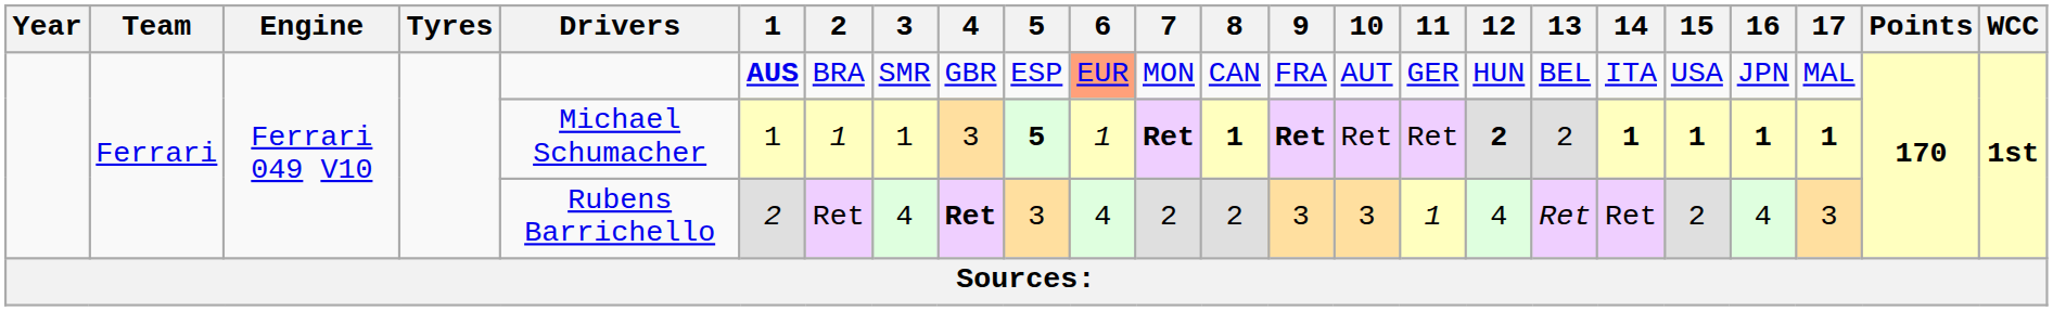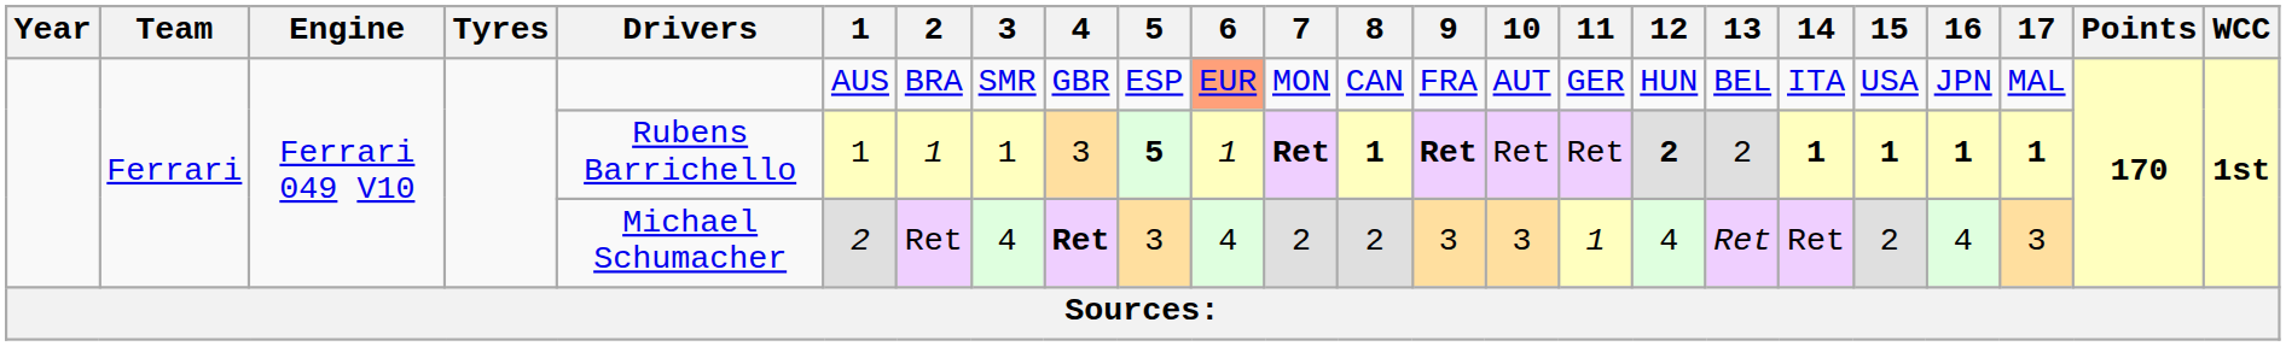 <table class="wikitable" style="text-align:center; font-size:95%">
 <tr>
 <th>Year</th>
 <th>Team</th>
 <th>Engine</th>
 <th>Tyres</th>
 <th>Drivers</th>
 <th>1</th>
 <th>2</th>
 <th>3</th>
 <th>4</th>
 <th>5</th>
 <th>6</th>
 <th>7</th>
 <th>8</th>
 <th>9</th>
 <th>10</th>
 <th>11</th>
 <th>12</th>
 <th>13</th>
 <th>14</th>
 <th>15</th>
 <th>16</th>
 <th>17</th>
 <th>Points</th>
 <th>WCC</th>
 </tr>
 <tr>
 <td rowspan="3"></td>
 <td rowspan="3"><a href='#'>Ferrari</a></td>
 <td rowspan="3"><a href='#'>Ferrari 049</a> <a href='#'>V10</a></td>
 <td rowspan="3"></td>
 <td></td>
-<td><strong><a href='#'>AUS</a></strong></td>
+<td><a href='#'>AUS</a></td>
 <td><a href='#'>BRA</a></td>
 <td><a href='#'>SMR</a></td>
 <td><a href='#'>GBR</a></td>
 <td><a href='#'>ESP</a></td>
 <td style="background: lightsalmon;"><a href='#'>EUR</a></td>
 <td><a href='#'>MON</a></td>
 <td><a href='#'>CAN</a></td>
 <td><a href='#'>FRA</a></td>
 <td><a href='#'>AUT</a></td>
 <td><a href='#'>GER</a></td>
 <td><a href='#'>HUN</a></td>
 <td><a href='#'>BEL</a></td>
 <td><a href='#'>ITA</a></td>
 <td><a href='#'>USA</a></td>
 <td><a href='#'>JPN</a></td>
 <td><a href='#'>MAL</a></td>
 <td rowspan="3" style="background:#FFFFBF;"><strong>170</strong></td>
 <td rowspan="3" style="background:#FFFFBF;"><strong>1st</strong></td>
 </tr>
 <tr>
-<td> <a href='#'>Michael Schumacher</a></td>
+<td> <a href='#'>Rubens Barrichello</a></td>
 <td style="background:#FFFFBF;">1</td>
 <td style="background:#FFFFBF;"><em>1</em></td>
 <td style="background:#FFFFBF;">1</td>
 <td style="background:#FFDF9F;">3</td>
 <td style="background:#DFFFDF;"><strong>5</strong></td>
 <td style="background:#FFFFBF;"><em>1</em></td>
 <td style="background:#EFCFFF;"><strong>Ret</strong></td>
 <td style="background:#FFFFBF;"><strong>1</strong></td>
 <td style="background:#EFCFFF;"><strong>Ret</strong></td>
 <td style="background:#EFCFFF;">Ret</td>
 <td style="background:#EFCFFF;">Ret</td>
 <td style="background:#DFDFDF;"><strong>2</strong></td>
 <td style="background:#DFDFDF;">2</td>
 <td style="background:#FFFFBF;"><strong>1</strong></td>
 <td style="background:#FFFFBF;"><strong>1</strong></td>
 <td style="background:#FFFFBF;"><strong>1</strong></td>
 <td style="background:#FFFFBF;"><strong>1</strong></td>
 </tr>
 <tr>
-<td> <a href='#'>Rubens Barrichello</a></td>
+<td> <a href='#'>Michael Schumacher</a></td>
 <td style="background:#DFDFDF;"><em>2</em></td>
 <td style="background:#EFCFFF;">Ret</td>
 <td style="background:#DFFFDF;">4</td>
 <td style="background:#EFCFFF;"><strong>Ret</strong></td>
 <td style="background:#FFDF9F;">3</td>
 <td style="background:#DFFFDF;">4</td>
 <td style="background:#DFDFDF;">2</td>
 <td style="background:#DFDFDF;">2</td>
 <td style="background:#FFDF9F;">3</td>
 <td style="background:#FFDF9F;">3</td>
 <td style="background:#FFFFBF;"><em>1</em></td>
 <td style="background:#DFFFDF;">4</td>
 <td style="background:#EFCFFF;"><em>Ret</em></td>
 <td style="background:#EFCFFF;">Ret</td>
 <td style="background:#DFDFDF;">2</td>
 <td style="background:#DFFFDF;">4</td>
 <td style="background:#FFDF9F;">3</td>
 </tr>
 <tr>
 <th colspan="24">Sources:</th>
 </tr>
 </table>
